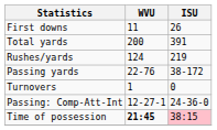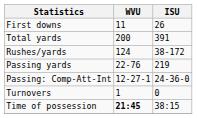 <table class="wikitable" style="float: left;">
 <tr>
 <th>Statistics</th>
 <th>WVU</th>
 <th>ISU</th>
 </tr>
 <tr>
 <td>First downs</td>
 <td>11</td>
 <td>26</td>
 </tr>
 <tr>
 <td>Total yards</td>
 <td>200</td>
 <td>391</td>
 </tr>
 <tr>
 <td>Rushes/yards</td>
 <td>124</td>
-<td>219</td>
+<td>38-172</td>
 </tr>
 <tr>
 <td>Passing yards</td>
 <td>22-76</td>
-<td>38-172</td>
+<td>219</td>
+</tr>
+<tr>
+<td>Passing: Comp-Att-Int</td>
+<td>12-27-1</td>
+<td>24-36-0</td>
 </tr>
 <tr>
 <td>Turnovers</td>
 <td>1</td>
 <td>0</td>
 </tr>
 <tr>
-<td>Passing: Comp-Att-Int</td>
-<td>12-27-1</td>
-<td>24-36-0</td>
-</tr>
-<tr>
 <td>Time of possession</td>
 <td><strong>21:45</strong></td>
-<td style="background: pink;">38:15</td>
+<td>38:15</td>
 </tr>
 <tr>
 </tr>
 </table>
